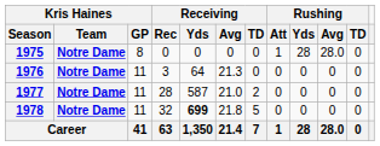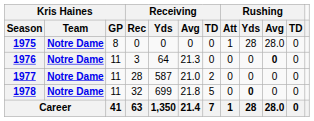 <table class="wikitable" style="text-align:center;">
 <tr>
 <th colspan="3">Kris Haines</th>
 <th colspan="4">Receiving</th>
 <th colspan="4">Rushing</th>
 </tr>
 <tr>
 <th>Season</th>
 <th>Team</th>
 <th>GP</th>
 <th>Rec</th>
 <th>Yds</th>
 <th>Avg</th>
 <th>TD</th>
 <th>Att</th>
 <th>Yds</th>
 <th>Avg</th>
 <th>TD</th>
 <th></th>
 </tr>
 <tr>
 <th><a href='#'>1975</a></th>
 <th><a href='#'>Notre Dame</a></th>
 <td>8</td>
 <td>0</td>
 <td>0</td>
 <td>0</td>
 <td>0</td>
 <td>1</td>
 <td>28</td>
 <td>28.0</td>
 <td>0</td>
 <td></td>
 </tr>
 <tr>
 <th><a href='#'>1976</a></th>
 <th><a href='#'>Notre Dame</a></th>
 <td>11</td>
 <td>3</td>
 <td>64</td>
 <td>21.3</td>
 <td>0</td>
 <td>0</td>
 <td>0</td>
-<td>0</td>
+<td><strong>0</strong></td>
 <td>0</td>
 <td></td>
 </tr>
 <tr>
 <th><a href='#'>1977</a></th>
 <th><a href='#'>Notre Dame</a></th>
 <td>11</td>
 <td>28</td>
 <td>587</td>
 <td>21.0</td>
 <td>2</td>
 <td>0</td>
 <td>0</td>
 <td>0</td>
 <td>0</td>
 <td></td>
 </tr>
 <tr>
 <th><a href='#'>1978</a></th>
 <th><a href='#'>Notre Dame</a></th>
 <td>11</td>
 <td>32</td>
-<td><strong>699</strong></td>
+<td>699</td>
 <td>21.8</td>
 <td>5</td>
 <td>0</td>
-<td>0</td>
+<td><strong>0</strong></td>
 <td>0</td>
 <td>0</td>
 <td></td>
 </tr>
 <tr>
 <th colspan="2">Career</th>
 <th>41</th>
 <th>63</th>
 <th>1,350</th>
 <th>21.4</th>
 <th>7</th>
 <th>1</th>
 <th>28</th>
 <th>28.0</th>
 <th>0</th>
 <th></th>
 </tr>
 </table>
